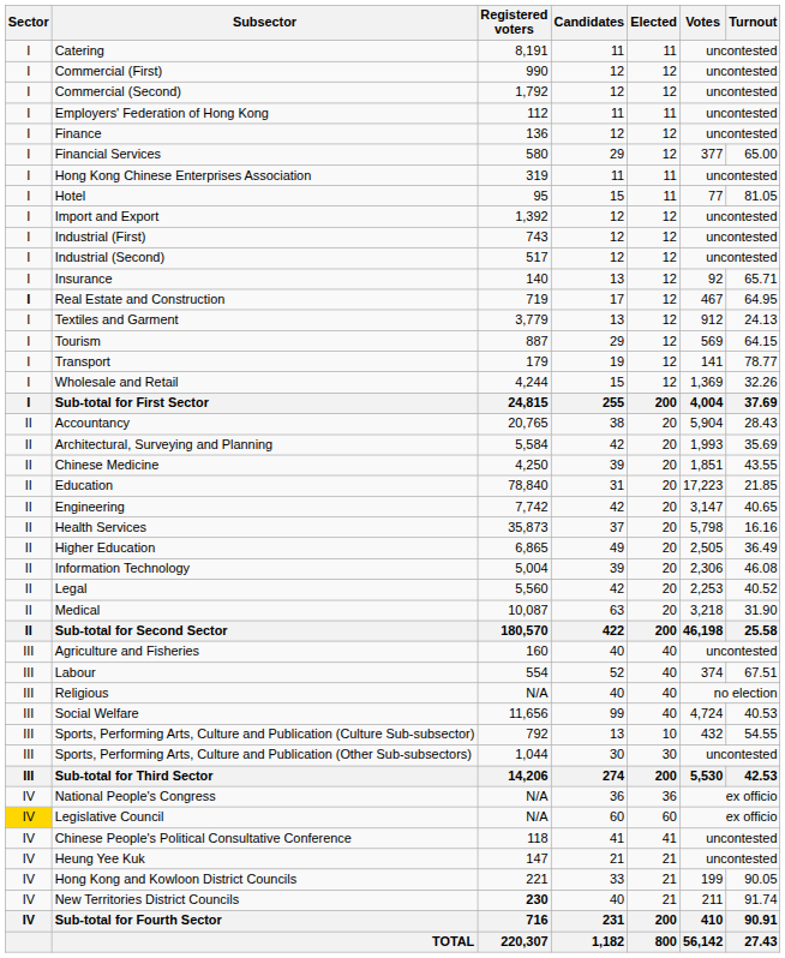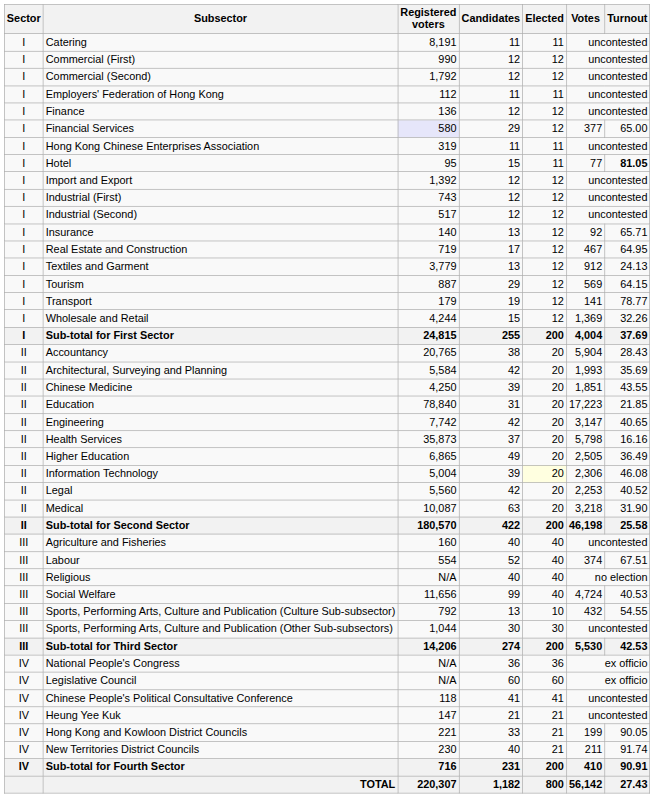 <table class="wikitable" style="text-align:right;">
 <tr>
 <th>Sector</th>
 <th>Subsector</th>
 <th>Registered<br>voters</th>
 <th>Candidates</th>
 <th>Elected</th>
 <th>Votes</th>
 <th>Turnout</th>
 </tr>
 <tr>
 <td align=center>I</td>
 <td align=left>Catering</td>
 <td>8,191</td>
 <td>11</td>
 <td>11</td>
 <td colspan=2>uncontested</td>
 </tr>
 <tr>
 <td align=center>I</td>
 <td align=left>Commercial (First)</td>
 <td>990</td>
 <td>12</td>
 <td>12</td>
 <td colspan=2>uncontested</td>
 </tr>
 <tr>
 <td align=center>I</td>
 <td align=left>Commercial (Second)</td>
 <td>1,792</td>
 <td>12</td>
 <td>12</td>
 <td colspan=2>uncontested</td>
 </tr>
 <tr>
 <td align=center>I</td>
 <td align=left>Employers' Federation of Hong Kong</td>
 <td>112</td>
 <td>11</td>
 <td>11</td>
 <td colspan=2>uncontested</td>
 </tr>
 <tr>
 <td align=center>I</td>
 <td align=left>Finance</td>
 <td>136</td>
 <td>12</td>
 <td>12</td>
 <td colspan=2>uncontested</td>
 </tr>
 <tr>
 <td align=center>I</td>
 <td align=left>Financial Services</td>
-<td>580</td>
+<td style="background: lavender;">580</td>
 <td>29</td>
 <td>12</td>
 <td>377</td>
 <td>65.00</td>
 </tr>
 <tr>
 <td align=center>I</td>
 <td align=left>Hong Kong Chinese Enterprises Association</td>
 <td>319</td>
 <td>11</td>
 <td>11</td>
 <td colspan=2>uncontested</td>
 </tr>
 <tr>
 <td align=center>I</td>
 <td align=left>Hotel</td>
 <td>95</td>
 <td>15</td>
 <td>11</td>
 <td>77</td>
-<td>81.05</td>
+<td><strong>81.05</strong></td>
 </tr>
 <tr>
 <td align=center>I</td>
 <td align=left>Import and Export</td>
 <td>1,392</td>
 <td>12</td>
 <td>12</td>
 <td colspan=2>uncontested</td>
 </tr>
 <tr>
 <td align=center>I</td>
 <td align=left>Industrial (First)</td>
 <td>743</td>
 <td>12</td>
 <td>12</td>
 <td colspan=2>uncontested</td>
 </tr>
 <tr>
 <td align=center>I</td>
 <td align=left>Industrial (Second)</td>
 <td>517</td>
 <td>12</td>
 <td>12</td>
 <td colspan=2>uncontested</td>
 </tr>
 <tr>
 <td align=center>I</td>
 <td align=left>Insurance</td>
 <td>140</td>
 <td>13</td>
 <td>12</td>
 <td>92</td>
 <td>65.71</td>
 </tr>
 <tr>
-<td align=center><strong>I</strong></td>
+<td align=center>I</td>
 <td align=left>Real Estate and Construction</td>
 <td>719</td>
 <td>17</td>
 <td>12</td>
 <td>467</td>
 <td>64.95</td>
 </tr>
 <tr>
 <td align=center>I</td>
 <td align=left>Textiles and Garment</td>
 <td>3,779</td>
 <td>13</td>
 <td>12</td>
 <td>912</td>
 <td>24.13</td>
 </tr>
 <tr>
 <td align=center>I</td>
 <td align=left>Tourism</td>
 <td>887</td>
 <td>29</td>
 <td>12</td>
 <td>569</td>
 <td>64.15</td>
 </tr>
 <tr>
 <td align=center>I</td>
 <td align=left>Transport</td>
 <td>179</td>
 <td>19</td>
 <td>12</td>
 <td>141</td>
 <td>78.77</td>
 </tr>
 <tr>
 <td align=center>I</td>
 <td align=left>Wholesale and Retail</td>
 <td>4,244</td>
 <td>15</td>
 <td>12</td>
 <td>1,369</td>
 <td>32.26</td>
 </tr>
 <tr bgcolor="F2F2F2">
 <td align=center><strong>I</strong></td>
 <td align=left><strong>Sub-total for First Sector</strong></td>
 <td><strong>24,815</strong></td>
 <td><strong>255</strong></td>
 <td><strong>200</strong></td>
 <td><strong>4,004</strong></td>
 <td><strong>37.69</strong></td>
 </tr>
 <tr>
 <td align=center>II</td>
 <td align=left>Accountancy</td>
 <td>20,765</td>
 <td>38</td>
 <td>20</td>
 <td>5,904</td>
 <td>28.43</td>
 </tr>
 <tr>
 <td align=center>II</td>
 <td align=left>Architectural, Surveying and Planning</td>
 <td>5,584</td>
 <td>42</td>
 <td>20</td>
 <td>1,993</td>
 <td>35.69</td>
 </tr>
 <tr>
 <td align=center>II</td>
 <td align=left>Chinese Medicine</td>
 <td>4,250</td>
 <td>39</td>
 <td>20</td>
 <td>1,851</td>
 <td>43.55</td>
 </tr>
 <tr>
 <td align=center>II</td>
 <td align=left>Education</td>
 <td>78,840</td>
 <td>31</td>
 <td>20</td>
 <td>17,223</td>
 <td>21.85</td>
 </tr>
 <tr>
 <td align=center>II</td>
 <td align=left>Engineering</td>
 <td>7,742</td>
 <td>42</td>
 <td>20</td>
 <td>3,147</td>
 <td>40.65</td>
 </tr>
 <tr>
 <td align=center>II</td>
 <td align=left>Health Services</td>
 <td>35,873</td>
 <td>37</td>
 <td>20</td>
 <td>5,798</td>
 <td>16.16</td>
 </tr>
 <tr>
 <td align=center>II</td>
 <td align=left>Higher Education</td>
 <td>6,865</td>
 <td>49</td>
 <td>20</td>
 <td>2,505</td>
 <td>36.49</td>
 </tr>
 <tr>
 <td align=center>II</td>
 <td align=left>Information Technology</td>
 <td>5,004</td>
 <td>39</td>
-<td>20</td>
+<td style="background: lightyellow;">20</td>
 <td>2,306</td>
 <td>46.08</td>
 </tr>
 <tr>
 <td align=center>II</td>
 <td align=left>Legal</td>
 <td>5,560</td>
 <td>42</td>
 <td>20</td>
 <td>2,253</td>
 <td>40.52</td>
 </tr>
 <tr>
 <td align=center>II</td>
 <td align=left>Medical</td>
 <td>10,087</td>
 <td>63</td>
 <td>20</td>
 <td>3,218</td>
 <td>31.90</td>
 </tr>
 <tr bgcolor="F2F2F2">
 <td align=center><strong>II</strong></td>
 <td align=left><strong>Sub-total for Second Sector</strong></td>
 <td><strong>180,570</strong></td>
 <td><strong>422</strong></td>
 <td><strong>200</strong></td>
 <td><strong>46,198</strong></td>
 <td><strong>25.58</strong></td>
 </tr>
 <tr>
 <td align=center>III</td>
 <td align=left>Agriculture and Fisheries</td>
 <td>160</td>
 <td>40</td>
 <td>40</td>
 <td colspan=2>uncontested</td>
 </tr>
 <tr>
 <td align=center>III</td>
 <td align=left>Labour</td>
 <td>554</td>
 <td>52</td>
 <td>40</td>
 <td>374</td>
 <td>67.51</td>
 </tr>
 <tr>
 <td align=center>III</td>
 <td align=left>Religious</td>
 <td>N/A</td>
 <td>40</td>
 <td>40</td>
 <td colspan=2>no election</td>
 </tr>
 <tr>
 <td align=center>III</td>
 <td align=left>Social Welfare</td>
 <td>11,656</td>
 <td>99</td>
 <td>40</td>
 <td>4,724</td>
 <td>40.53</td>
 </tr>
 <tr>
 <td align=center>III</td>
 <td align=left>Sports, Performing Arts, Culture and Publication (Culture Sub-subsector)</td>
 <td>792</td>
 <td>13</td>
 <td>10</td>
 <td>432</td>
 <td>54.55</td>
 </tr>
 <tr>
 <td align=center>III</td>
 <td align=left>Sports, Performing Arts, Culture and Publication (Other Sub-subsectors)</td>
 <td>1,044</td>
 <td>30</td>
 <td>30</td>
 <td colspan=2>uncontested</td>
 </tr>
 <tr bgcolor="F2F2F2">
 <td align=center><strong>III</strong></td>
 <td align=left><strong>Sub-total for Third Sector</strong></td>
 <td><strong>14,206</strong></td>
 <td><strong>274</strong></td>
 <td><strong>200</strong></td>
 <td><strong>5,530</strong></td>
 <td><strong>42.53</strong></td>
 </tr>
 <tr>
 <td align=center>IV</td>
 <td align=left>National People's Congress</td>
 <td>N/A</td>
 <td>36</td>
 <td>36</td>
 <td colspan=2>ex officio</td>
 </tr>
 <tr>
-<td align=center style="background: gold;">IV</td>
+<td align=center>IV</td>
 <td align=left>Legislative Council</td>
 <td>N/A</td>
 <td>60</td>
 <td>60</td>
 <td colspan=2>ex officio</td>
 </tr>
 <tr>
 <td align=center>IV</td>
 <td align=left>Chinese People's Political Consultative Conference</td>
 <td>118</td>
 <td>41</td>
 <td>41</td>
 <td colspan=2>uncontested</td>
 </tr>
 <tr>
 <td align=center>IV</td>
 <td align=left>Heung Yee Kuk</td>
 <td>147</td>
 <td>21</td>
 <td>21</td>
 <td colspan=2>uncontested</td>
 </tr>
 <tr>
 <td align=center>IV</td>
 <td align=left>Hong Kong and Kowloon District Councils</td>
 <td>221</td>
 <td>33</td>
 <td>21</td>
 <td>199</td>
 <td>90.05</td>
 </tr>
 <tr>
 <td align=center>IV</td>
 <td align=left>New Territories District Councils</td>
-<td><strong>230</strong></td>
+<td>230</td>
 <td>40</td>
 <td>21</td>
 <td>211</td>
 <td>91.74</td>
 </tr>
 <tr bgcolor="F2F2F2">
 <td align=center><strong>IV</strong></td>
 <td align=left><strong>Sub-total for Fourth Sector</strong></td>
 <td><strong>716</strong></td>
 <td><strong>231</strong></td>
 <td><strong>200</strong></td>
 <td><strong>410</strong></td>
 <td><strong>90.91</strong></td>
 </tr>
 <tr bgcolor="F2F2F2">
 <td></td>
 <td><strong>TOTAL</strong></td>
 <td><strong>220,307</strong></td>
 <td><strong>1,182</strong></td>
 <td><strong>800</strong></td>
 <td><strong>56,142</strong></td>
 <td><strong>27.43</strong></td>
 </tr>
 </table>
